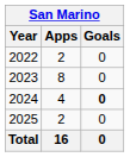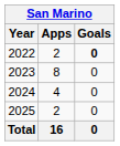 <table class="wikitable" style="text-align:center">
 <tr>
 <th colspan=3><a href='#'>San Marino</a></th>
 </tr>
 <tr>
 <th>Year</th>
 <th>Apps</th>
 <th>Goals</th>
 </tr>
 <tr>
 <td>2022</td>
 <td>2</td>
-<td>0</td>
+<td><strong>0</strong></td>
 </tr>
 <tr>
 <td>2023</td>
 <td>8</td>
 <td>0</td>
 </tr>
 <tr>
 <td>2024</td>
 <td>4</td>
-<td><strong>0</strong></td>
+<td>0</td>
 </tr>
 <tr>
 <td>2025</td>
 <td>2</td>
 <td>0</td>
 </tr>
 <tr>
 <th>Total</th>
 <th>16</th>
 <th>0</th>
 </tr>
 </table>
